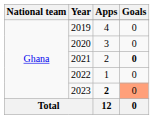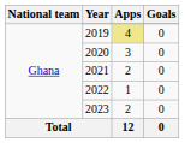 <table class="wikitable" style="text-align:center">
 <tr>
 <th>National team</th>
 <th>Year</th>
 <th>Apps</th>
 <th>Goals</th>
 </tr>
 <tr>
 <td rowspan="6"><a href='#'>Ghana</a></td>
 </tr>
 <tr>
 <td>2019</td>
-<td>4</td>
+<td style="background: khaki;">4</td>
 <td>0</td>
 </tr>
 <tr>
 <td>2020</td>
 <td>3</td>
 <td>0</td>
 </tr>
 <tr>
 <td>2021</td>
 <td>2</td>
-<td><strong>0</strong></td>
+<td>0</td>
 </tr>
 <tr>
 <td>2022</td>
 <td>1</td>
 <td>0</td>
 </tr>
 <tr>
 <td>2023</td>
-<td><strong>2</strong></td>
-<td style="background: lightsalmon;">0</td>
+<td>2</td>
+<td>0</td>
 </tr>
 <tr>
 <th colspan="2">Total</th>
 <th>12</th>
 <th>0</th>
 </tr>
 </table>
